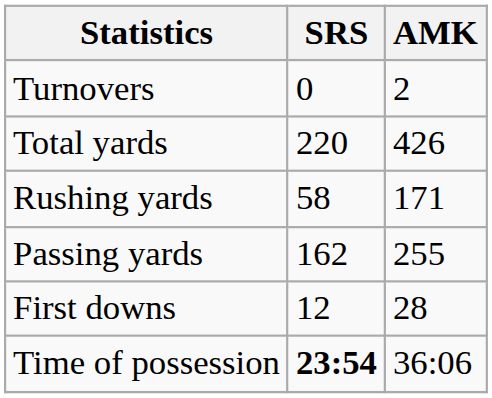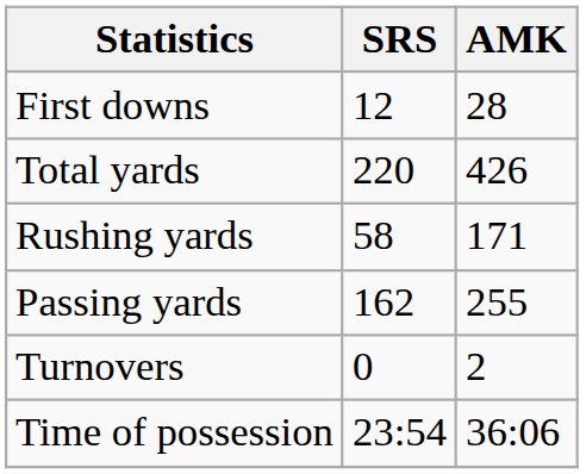 <table class="wikitable" style="float: left;">
 <tr>
 <th>Statistics</th>
 <th>SRS</th>
 <th>AMK</th>
 </tr>
 <tr>
-<td>Turnovers</td>
-<td>0</td>
-<td>2</td>
+<td>First downs</td>
+<td>12</td>
+<td>28</td>
 </tr>
 <tr>
 <td>Total yards</td>
 <td>220</td>
 <td>426</td>
 </tr>
 <tr>
 <td>Rushing yards</td>
 <td>58</td>
 <td>171</td>
 </tr>
 <tr>
 <td>Passing yards</td>
 <td>162</td>
 <td>255</td>
 </tr>
 <tr>
-<td>First downs</td>
-<td>12</td>
-<td>28</td>
+<td>Turnovers</td>
+<td>0</td>
+<td>2</td>
 </tr>
 <tr>
 <td>Time of possession</td>
-<td><strong>23:54</strong></td>
+<td>23:54</td>
 <td>36:06</td>
 </tr>
 <tr>
 </tr>
 </table>
